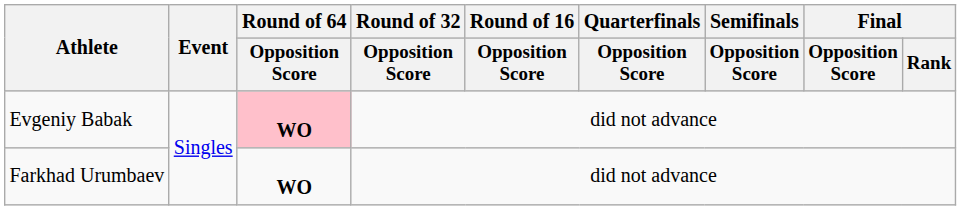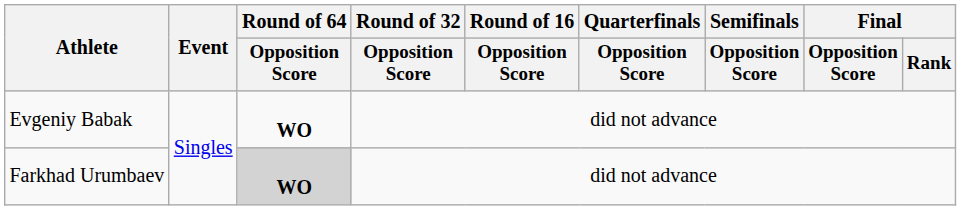 <table class=wikitable style="font-size:90%; text-align:center;">
 <tr>
 <th rowspan="2">Athlete</th>
 <th rowspan="2">Event</th>
 <th>Round of 64</th>
 <th>Round of 32</th>
 <th>Round of 16</th>
 <th>Quarterfinals</th>
 <th>Semifinals</th>
 <th colspan=2>Final</th>
 </tr>
 <tr style="font-size:95%">
 <th>Opposition<br>Score</th>
 <th>Opposition<br>Score</th>
 <th>Opposition<br>Score</th>
 <th>Opposition<br>Score</th>
 <th>Opposition<br>Score</th>
 <th>Opposition<br>Score</th>
 <th>Rank</th>
 </tr>
 <tr>
 <td align=left>Evgeniy Babak</td>
 <td align=left rowspan=2><a href='#'>Singles</a></td>
-<td style="background: pink;"><br><strong>WO</strong></td>
+<td><br><strong>WO</strong></td>
 <td colspan=6>did not advance</td>
 </tr>
 <tr>
 <td align=left>Farkhad Urumbaev</td>
-<td><br><strong>WO</strong></td>
+<td style="background: lightgrey;"><br><strong>WO</strong></td>
 <td colspan=6>did not advance</td>
 </tr>
 </table>
